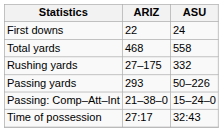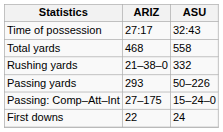 <table class="wikitable" style="float: left;">
 <tr>
 <th>Statistics</th>
 <th>ARIZ</th>
 <th>ASU</th>
 </tr>
 <tr>
-<td>First downs</td>
-<td>22</td>
-<td>24</td>
+<td>Time of possession</td>
+<td>27:17</td>
+<td>32:43</td>
 </tr>
 <tr>
 <td>Total yards</td>
 <td>468</td>
 <td>558</td>
 </tr>
 <tr>
 <td>Rushing yards</td>
-<td>27–175</td>
+<td>21–38–0</td>
 <td>332</td>
 </tr>
 <tr>
 <td>Passing yards</td>
 <td>293</td>
 <td>50–226</td>
 </tr>
 <tr>
 <td>Passing: Comp–Att–Int</td>
-<td>21–38–0</td>
+<td>27–175</td>
 <td>15–24–0</td>
 </tr>
 <tr>
-<td>Time of possession</td>
-<td>27:17</td>
-<td>32:43</td>
+<td>First downs</td>
+<td>22</td>
+<td>24</td>
 </tr>
 <tr>
 </tr>
 </table>
